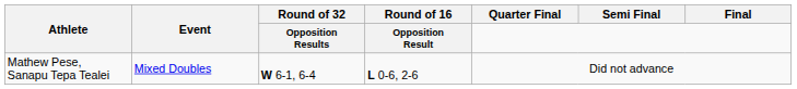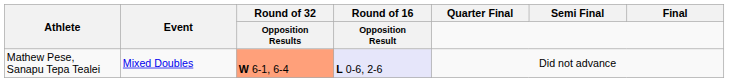 <table class=wikitable style="font-size:90%">
 <tr>
 <th rowspan="2" width=150>Athlete</th>
 <th rowspan="2" width=150>Event</th>
 <th width=125>Round of 32</th>
 <th width=125>Round of 16</th>
 <th width=125>Quarter Final</th>
 <th width=125>Semi Final</th>
 <th width=125>Final</th>
 </tr>
 <tr>
 <th style="line-height:1em"><small>Opposition<br>Results</small></th>
 <th style="line-height:1em"><small>Opposition<br>Result</small></th>
 </tr>
 <tr>
 <td align=left>Mathew Pese,<br>Sanapu Tepa Tealei</td>
 <td align=left><a href='#'>Mixed Doubles</a></td>
-<td><br> <strong>W</strong> 6-1, 6-4</td>
-<td><br> <strong>L</strong> 0-6, 2-6</td>
+<td style="background: lightsalmon;"><br> <strong>W</strong> 6-1, 6-4</td>
+<td style="background: lavender;"><br> <strong>L</strong> 0-6, 2-6</td>
 <td align=center colspan=4>Did not advance</td>
 </tr>
 </table>
